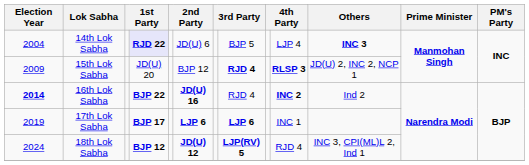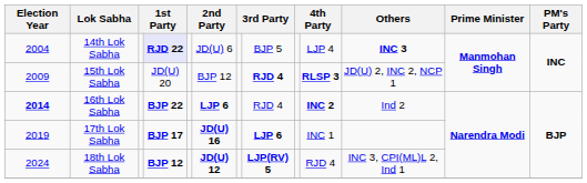 <table class="wikitable" style="text-align:center">
 <tr>
 <th>Election Year</th>
 <th>Lok Sabha</th>
 <th colspan="2">1st Party</th>
 <th colspan="2">2nd Party</th>
 <th colspan="2">3rd Party</th>
 <th colspan="2">4th Party</th>
 <th>Others</th>
 <th>Prime Minister</th>
 <th>PM's Party</th>
 </tr>
 <tr>
 <td><a href='#'>2004</a></td>
 <td><a href='#'>14th Lok Sabha</a></td>
 <td style="background-color: "></td>
 <td style="background: lavender;"><strong><a href='#'>RJD</a> 22</strong></td>
 <td style="background-color: "></td>
 <td><a href='#'>JD(U)</a> 6</td>
 <td style="background-color: "></td>
 <td><a href='#'>BJP</a> 5</td>
 <td style="background-color: "></td>
 <td><a href='#'>LJP</a> 4</td>
 <td><strong><a href='#'>INC</a> 3</strong></td>
 <td rowspan=2><strong><a href='#'>Manmohan Singh</a></strong></td>
 <td rowspan=2: style="background:"><strong>INC</strong></td>
 </tr>
 <tr>
 <td><a href='#'>2009</a></td>
 <td><a href='#'>15th Lok Sabha</a></td>
 <td style="background-color: "></td>
 <td><a href='#'>JD(U)</a> 20</td>
 <td style="background-color: "></td>
 <td><a href='#'>BJP</a> 12</td>
 <td style="background-color: "></td>
 <td><strong><a href='#'>RJD</a> 4</strong></td>
 <td style="background-color: "></td>
 <td><strong><a href='#'>RLSP</a> 3</strong></td>
 <td><a href='#'>JD(U)</a> 2, <a href='#'>INC</a> 2, <a href='#'>NCP</a> 1</td>
 </tr>
 <tr>
 <td><strong><a href='#'>2014</a></strong></td>
 <td><a href='#'>16th Lok Sabha</a></td>
 <td style="background-color: "></td>
 <td><strong><a href='#'>BJP</a> 22</strong></td>
 <td style="background-color: "></td>
-<td><strong><a href='#'>JD(U)</a> 16</strong></td>
+<td><strong><a href='#'>LJP</a> 6</strong></td>
 <td style="background-color: "></td>
 <td><a href='#'>RJD</a> 4</td>
 <td style="background-color: "></td>
 <td><strong><a href='#'>INC</a> 2</strong></td>
 <td><a href='#'>Ind</a> 2</td>
 <td rowspan=3><strong><a href='#'>Narendra Modi</a></strong></td>
 <td rowspan=3: style="background-color: "><strong>BJP</strong></td>
 </tr>
 <tr>
 <td><a href='#'>2019</a></td>
 <td><a href='#'>17th Lok Sabha</a></td>
 <td style="background-color: "></td>
 <td><strong><a href='#'>BJP</a> 17</strong></td>
 <td style="background-color: "></td>
-<td><strong><a href='#'>LJP</a> 6</strong></td>
+<td><strong><a href='#'>JD(U)</a> 16</strong></td>
 <td style="background-color: "></td>
 <td><strong><a href='#'>LJP</a> 6</strong></td>
 <td style="background-color: "></td>
 <td><a href='#'>INC</a> 1</td>
 <td></td>
 </tr>
 <tr>
 <td><a href='#'>2024</a></td>
 <td><a href='#'>18th Lok Sabha</a></td>
 <td style="background-color: "></td>
 <td><strong><a href='#'>BJP</a> 12</strong></td>
 <td style="background-color: "></td>
 <td><strong><a href='#'>JD(U)</a> 12</strong></td>
 <td style="background-color: "></td>
 <td><strong><a href='#'>LJP(RV)</a> 5</strong></td>
 <td style="background-color: "></td>
 <td><a href='#'>RJD</a> 4</td>
 <td><a href='#'>INC</a> 3, <a href='#'>CPI(ML)L</a> 2, <a href='#'>Ind</a> 1</td>
 </tr>
 <tr>
 </tr>
 </table>
